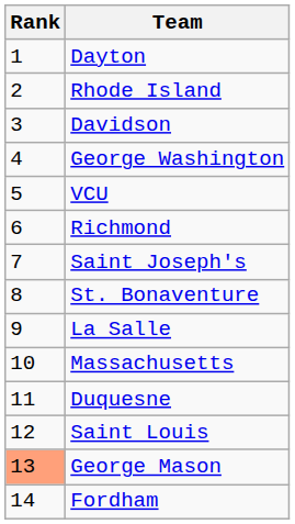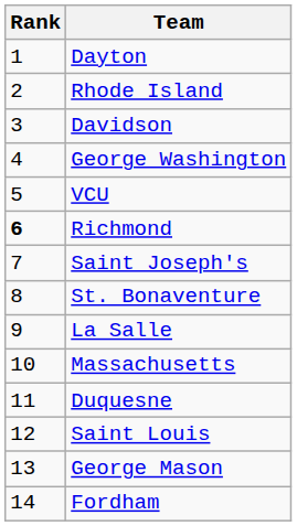 <table class=wikitable>
 <tr>
 <th>Rank</th>
 <th>Team</th>
 </tr>
 <tr>
 <td>1</td>
 <td><a href='#'>Dayton</a></td>
 </tr>
 <tr>
 <td>2</td>
 <td><a href='#'>Rhode Island</a></td>
 </tr>
 <tr>
 <td>3</td>
 <td><a href='#'>Davidson</a></td>
 </tr>
 <tr>
 <td>4</td>
 <td><a href='#'>George Washington</a></td>
 </tr>
 <tr>
 <td>5</td>
 <td><a href='#'>VCU</a></td>
 </tr>
 <tr>
-<td>6</td>
+<td><strong>6</strong></td>
 <td><a href='#'>Richmond</a></td>
 </tr>
 <tr>
 <td>7</td>
 <td><a href='#'>Saint Joseph's</a></td>
 </tr>
 <tr>
 <td>8</td>
 <td><a href='#'>St. Bonaventure</a></td>
 </tr>
 <tr>
 <td>9</td>
 <td><a href='#'>La Salle</a></td>
 </tr>
 <tr>
 <td>10</td>
 <td><a href='#'>Massachusetts</a></td>
 </tr>
 <tr>
 <td>11</td>
 <td><a href='#'>Duquesne</a></td>
 </tr>
 <tr>
 <td>12</td>
 <td><a href='#'>Saint Louis</a></td>
 </tr>
 <tr>
-<td style="background: lightsalmon;">13</td>
+<td>13</td>
 <td><a href='#'>George Mason</a></td>
 </tr>
 <tr>
 <td>14</td>
 <td><a href='#'>Fordham</a></td>
 </tr>
 </table>
